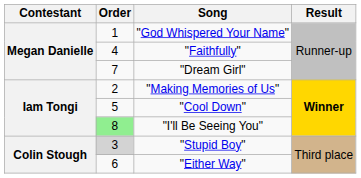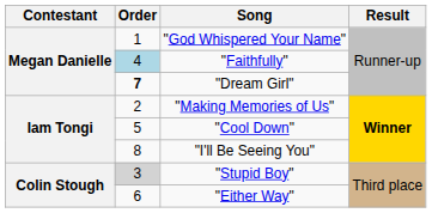 <table class="wikitable unsortable" style="text-align:center;">
 <tr>
 <th scope="col">Contestant</th>
 <th scope="col">Order</th>
 <th scope="col">Song</th>
 <th scope="col">Result</th>
 </tr>
 <tr>
 <th scope="row" rowspan="3">Megan Danielle</th>
 <td>1</td>
 <td>"<a href='#'>God Whispered Your Name</a>"</td>
 <td rowspan="3" bgcolor="silver">Runner-up</td>
 </tr>
 <tr>
-<td>4</td>
+<td style="background: lightblue;">4</td>
 <td>"<a href='#'>Faithfully</a>"</td>
 </tr>
 <tr>
-<td>7</td>
+<td><strong>7</strong></td>
 <td>"Dream Girl"</td>
 </tr>
 <tr>
 <th scope="row" rowspan="3">Iam Tongi</th>
 <td>2</td>
 <td>"<a href='#'>Making Memories of Us</a>"</td>
 <td rowspan="3" bgcolor="gold"><strong>Winner</strong></td>
 </tr>
 <tr>
 <td>5</td>
 <td>"<a href='#'>Cool Down</a>"</td>
 </tr>
 <tr>
-<td style="background: lightgreen;">8</td>
+<td>8</td>
 <td>"I'll Be Seeing You"</td>
 </tr>
 <tr>
 <th scope="row" rowspan="2">Colin Stough</th>
 <td style="background: lightgrey;">3</td>
 <td>"<a href='#'>Stupid Boy</a>"</td>
 <td rowspan="2" bgcolor="tan">Third place</td>
 </tr>
 <tr>
 <td>6</td>
 <td>"<a href='#'>Either Way</a>"</td>
 </tr>
 </table>
